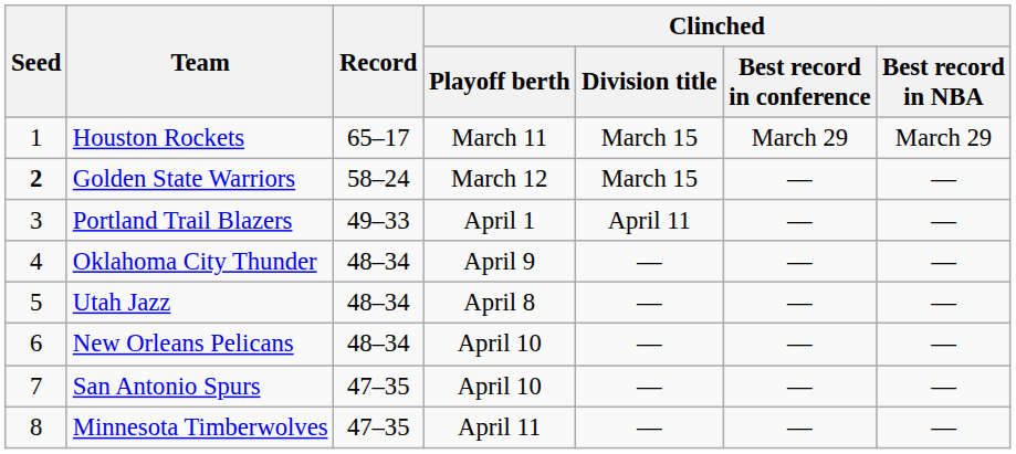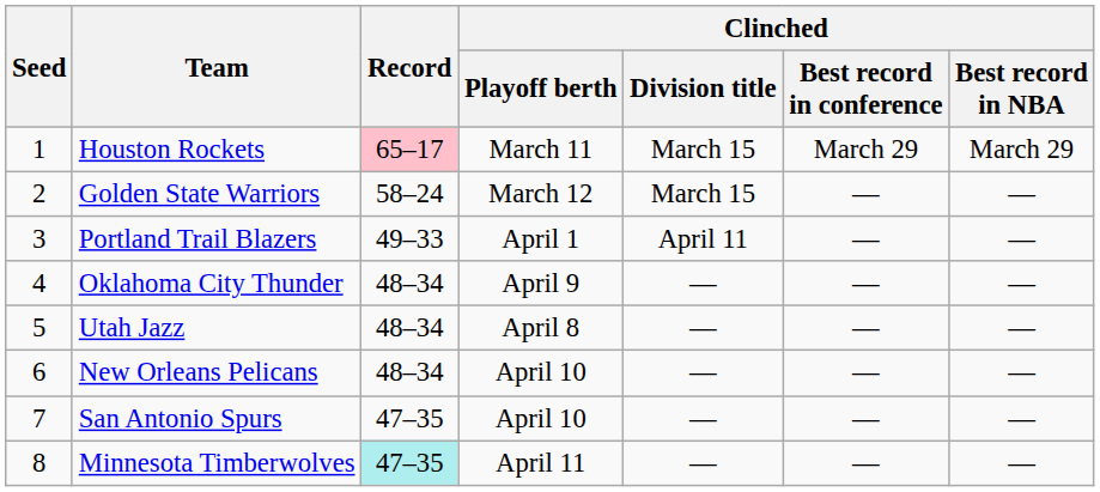 <table class="wikitable"  style="font-size:95%; text-align:center">
 <tr>
 <th rowspan=2>Seed</th>
 <th rowspan=2>Team</th>
 <th rowspan=2>Record</th>
 <th colspan=4>Clinched</th>
 </tr>
 <tr>
 <th>Playoff berth</th>
 <th>Division title</th>
 <th>Best record<br> in conference</th>
 <th>Best record<br> in NBA</th>
 </tr>
 <tr>
 <td>1</td>
 <td align=left><a href='#'>Houston Rockets</a></td>
-<td>65–17</td>
+<td style="background: pink;">65–17</td>
 <td>March 11</td>
 <td>March 15</td>
 <td>March 29</td>
 <td>March 29</td>
 </tr>
 <tr>
-<td><strong>2</strong></td>
+<td>2</td>
 <td align=left><a href='#'>Golden State Warriors</a></td>
 <td>58–24</td>
 <td>March 12</td>
 <td>March 15</td>
 <td>—</td>
 <td>—</td>
 </tr>
 <tr>
 <td>3</td>
 <td align=left><a href='#'>Portland Trail Blazers</a></td>
 <td>49–33</td>
 <td>April 1</td>
 <td>April 11</td>
 <td>—</td>
 <td>—</td>
 </tr>
 <tr>
 <td>4</td>
 <td align=left><a href='#'>Oklahoma City Thunder</a></td>
 <td>48–34</td>
 <td>April 9</td>
 <td>—</td>
 <td>—</td>
 <td>—</td>
 </tr>
 <tr>
 <td>5</td>
 <td align=left><a href='#'>Utah Jazz</a></td>
 <td>48–34</td>
 <td>April 8</td>
 <td>—</td>
 <td>—</td>
 <td>—</td>
 </tr>
 <tr>
 <td>6</td>
 <td align=left><a href='#'>New Orleans Pelicans</a></td>
 <td>48–34</td>
 <td>April 10</td>
 <td>—</td>
 <td>—</td>
 <td>—</td>
 </tr>
 <tr>
 <td>7</td>
 <td align=left><a href='#'>San Antonio Spurs</a></td>
 <td>47–35</td>
 <td>April 10 </td>
 <td>—</td>
 <td>—</td>
 <td>—</td>
 </tr>
 <tr>
 <td>8</td>
 <td align=left><a href='#'>Minnesota Timberwolves</a></td>
-<td>47–35</td>
+<td style="background: paleturquoise;">47–35</td>
 <td>April 11</td>
 <td>—</td>
 <td>—</td>
 <td>—</td>
 </tr>
 </table>
